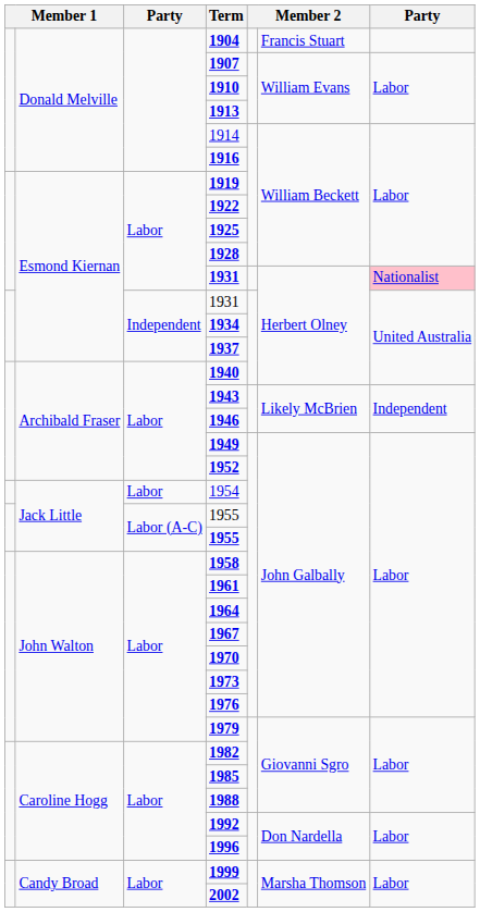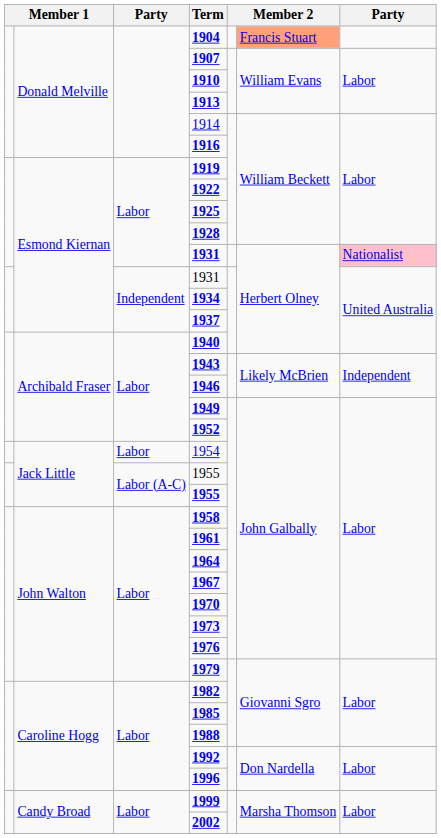 <table class="wikitable">
 <tr>
 <th colspan=2>Member 1</th>
 <th>Party</th>
 <th>Term</th>
 <th colspan=2>Member 2</th>
 <th>Party</th>
 </tr>
 <tr>
 <td rowspan=6> </td>
 <td rowspan=6><a href='#'>Donald Melville</a></td>
 <td rowspan=6> </td>
 <td><strong><a href='#'>1904</a></strong></td>
 <td> </td>
-<td><a href='#'>Francis Stuart</a></td>
+<td style="background: lightsalmon;"><a href='#'>Francis Stuart</a></td>
 <td> </td>
 </tr>
 <tr>
 <td><strong><a href='#'>1907</a></strong></td>
 <td rowspan=3 > </td>
 <td rowspan=3><a href='#'>William Evans</a></td>
 <td rowspan=3><a href='#'>Labor</a></td>
 </tr>
 <tr>
 <td><strong><a href='#'>1910</a></strong></td>
 </tr>
 <tr>
 <td><strong><a href='#'>1913</a></strong></td>
 </tr>
 <tr>
 <td><a href='#'>1914</a></td>
 <td rowspan=6 > </td>
 <td rowspan=6><a href='#'>William Beckett</a></td>
 <td rowspan=6><a href='#'>Labor</a></td>
 </tr>
 <tr>
 <td><strong><a href='#'>1916</a></strong></td>
 </tr>
 <tr>
 <td rowspan=5 > </td>
 <td rowspan=8><a href='#'>Esmond Kiernan</a></td>
 <td rowspan=5><a href='#'>Labor</a></td>
 <td><strong><a href='#'>1919</a></strong></td>
 </tr>
 <tr>
 <td><strong><a href='#'>1922</a></strong></td>
 </tr>
 <tr>
 <td><strong><a href='#'>1925</a></strong></td>
 </tr>
 <tr>
 <td><strong><a href='#'>1928</a></strong></td>
 </tr>
 <tr>
 <td><strong><a href='#'>1931</a></strong></td>
 <td> </td>
 <td rowspan=5><a href='#'>Herbert Olney</a></td>
 <td style="background: pink;"><a href='#'>Nationalist</a></td>
 </tr>
 <tr>
 <td rowspan=3 > </td>
 <td rowspan=3><a href='#'>Independent</a></td>
 <td>1931</td>
 <td rowspan=4 > </td>
 <td rowspan=4><a href='#'>United Australia</a></td>
 </tr>
 <tr>
 <td><strong><a href='#'>1934</a></strong></td>
 </tr>
 <tr>
 <td><strong><a href='#'>1937</a></strong></td>
 </tr>
 <tr>
 <td rowspan=5 > </td>
 <td rowspan=5><a href='#'>Archibald Fraser</a></td>
 <td rowspan=5><a href='#'>Labor</a></td>
 <td><strong><a href='#'>1940</a></strong></td>
 </tr>
 <tr>
 <td><strong><a href='#'>1943</a></strong></td>
 <td rowspan=2 > </td>
 <td rowspan=2><a href='#'>Likely McBrien</a></td>
 <td rowspan=2><a href='#'>Independent</a></td>
 </tr>
 <tr>
 <td><strong><a href='#'>1946</a></strong></td>
 </tr>
 <tr>
 <td><strong><a href='#'>1949</a></strong></td>
 <td rowspan=12 > </td>
 <td rowspan=12><a href='#'>John Galbally</a></td>
 <td rowspan=12><a href='#'>Labor</a></td>
 </tr>
 <tr>
 <td><strong><a href='#'>1952</a></strong></td>
 </tr>
 <tr>
 <td> </td>
 <td rowspan=3><a href='#'>Jack Little</a></td>
 <td><a href='#'>Labor</a></td>
 <td><a href='#'>1954</a></td>
 </tr>
 <tr>
 <td rowspan=2 > </td>
 <td rowspan=2><a href='#'>Labor (A-C)</a></td>
 <td>1955</td>
 </tr>
 <tr>
 <td><strong><a href='#'>1955</a></strong></td>
 </tr>
 <tr>
 <td rowspan=8 > </td>
 <td rowspan=8><a href='#'>John Walton</a></td>
 <td rowspan=8><a href='#'>Labor</a></td>
 <td><strong><a href='#'>1958</a></strong></td>
 </tr>
 <tr>
 <td><strong><a href='#'>1961</a></strong></td>
 </tr>
 <tr>
 <td><strong><a href='#'>1964</a></strong></td>
 </tr>
 <tr>
 <td><strong><a href='#'>1967</a></strong></td>
 </tr>
 <tr>
 <td><strong><a href='#'>1970</a></strong></td>
 </tr>
 <tr>
 <td><strong><a href='#'>1973</a></strong></td>
 </tr>
 <tr>
 <td><strong><a href='#'>1976</a></strong></td>
 </tr>
 <tr>
 <td><strong><a href='#'>1979</a></strong></td>
 <td rowspan=4 > </td>
 <td rowspan=4><a href='#'>Giovanni Sgro</a></td>
 <td rowspan=4><a href='#'>Labor</a></td>
 </tr>
 <tr>
 <td rowspan=5 > </td>
 <td rowspan=5><a href='#'>Caroline Hogg</a></td>
 <td rowspan=5><a href='#'>Labor</a></td>
 <td><strong><a href='#'>1982</a></strong></td>
 </tr>
 <tr>
 <td><strong><a href='#'>1985</a></strong></td>
 </tr>
 <tr>
 <td><strong><a href='#'>1988</a></strong></td>
 </tr>
 <tr>
 <td><strong><a href='#'>1992</a></strong></td>
 <td rowspan=2 > </td>
 <td rowspan=2><a href='#'>Don Nardella</a></td>
 <td rowspan=2><a href='#'>Labor</a></td>
 </tr>
 <tr>
 <td><strong><a href='#'>1996</a></strong></td>
 </tr>
 <tr>
 <td rowspan=2 > </td>
 <td rowspan=2><a href='#'>Candy Broad</a></td>
 <td rowspan=2><a href='#'>Labor</a></td>
 <td><strong><a href='#'>1999</a></strong></td>
 <td rowspan=2 > </td>
 <td rowspan=2><a href='#'>Marsha Thomson</a></td>
 <td rowspan=2><a href='#'>Labor</a></td>
 </tr>
 <tr>
 <td><strong><a href='#'>2002</a></strong></td>
 </tr>
 </table>
